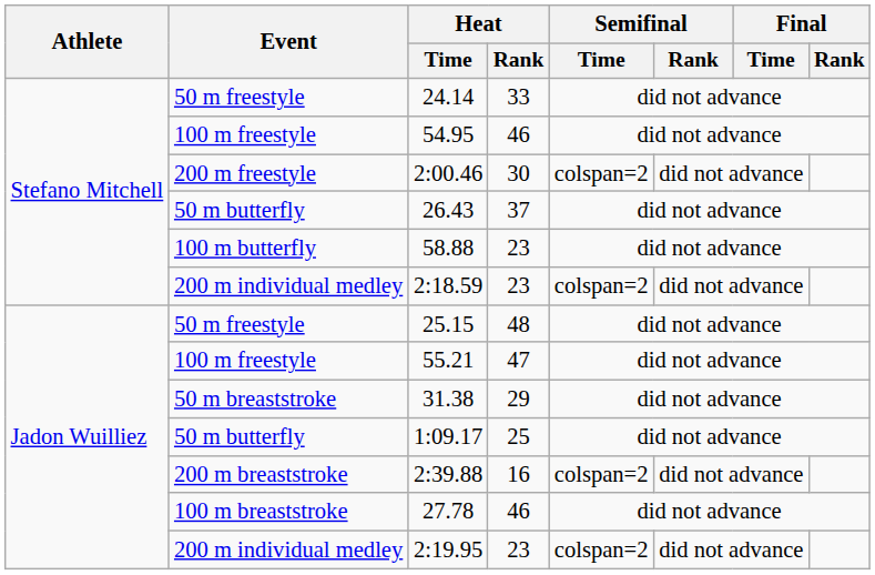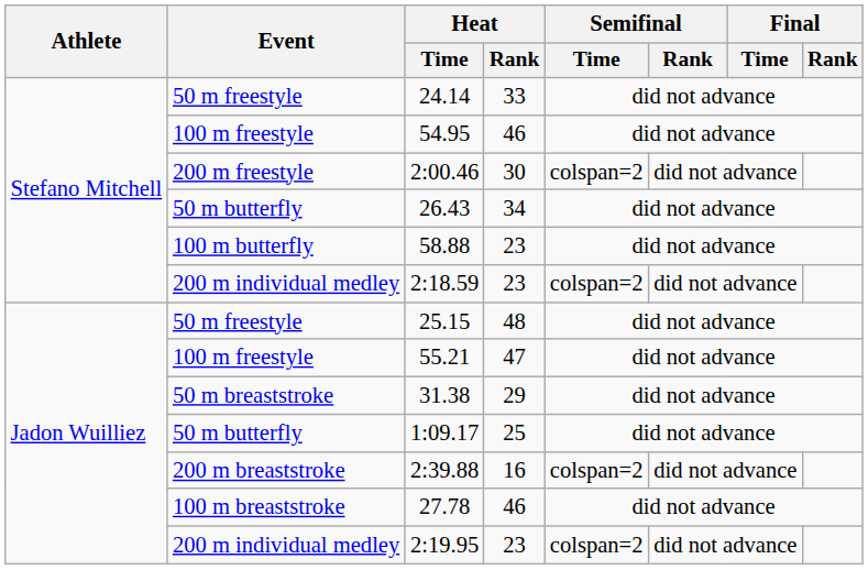 <table class=wikitable style=font-size:90%>
 <tr>
 <th rowspan=2>Athlete</th>
 <th rowspan=2>Event</th>
 <th colspan=2>Heat</th>
 <th colspan=2>Semifinal</th>
 <th colspan=2>Final</th>
 </tr>
 <tr style=font-size:95%>
 <th>Time</th>
 <th>Rank</th>
 <th>Time</th>
 <th>Rank</th>
 <th>Time</th>
 <th>Rank</th>
 </tr>
 <tr align=center>
 <td align=left rowspan=6><a href='#'>Stefano Mitchell</a></td>
 <td align=left><a href='#'>50 m freestyle</a></td>
 <td>24.14</td>
 <td>33</td>
 <td colspan=4>did not advance</td>
 </tr>
 <tr align=center>
 <td align=left><a href='#'>100 m freestyle</a></td>
 <td>54.95</td>
 <td>46</td>
 <td colspan=4>did not advance</td>
 </tr>
 <tr align=center>
 <td align=left><a href='#'>200 m freestyle</a></td>
 <td>2:00.46</td>
 <td>30</td>
 <td>colspan=2 </td>
 <td colspan=2>did not advance</td>
 </tr>
 <tr align=center>
 <td align=left><a href='#'>50 m butterfly</a></td>
 <td>26.43</td>
-<td>37</td>
+<td>34</td>
 <td colspan=4>did not advance</td>
 </tr>
 <tr align=center>
 <td align=left><a href='#'>100 m butterfly</a></td>
 <td>58.88</td>
 <td>23</td>
 <td colspan=4>did not advance</td>
 </tr>
 <tr align=center>
 <td align=left><a href='#'>200 m individual medley</a></td>
 <td>2:18.59</td>
 <td>23</td>
 <td>colspan=2 </td>
 <td colspan=2>did not advance</td>
 </tr>
 <tr align=center>
 <td align=left rowspan=7><a href='#'>Jadon Wuilliez</a></td>
 <td align=left><a href='#'>50 m freestyle</a></td>
 <td>25.15</td>
 <td>48</td>
 <td colspan=4>did not advance</td>
 </tr>
 <tr align=center>
 <td align=left><a href='#'>100 m freestyle</a></td>
 <td>55.21</td>
 <td>47</td>
 <td colspan=4>did not advance</td>
 </tr>
 <tr align=center>
 <td align=left><a href='#'>50 m breaststroke</a></td>
 <td>31.38</td>
 <td>29</td>
 <td colspan=4>did not advance</td>
 </tr>
 <tr align=center>
 <td align=left><a href='#'>50 m butterfly</a></td>
 <td>1:09.17</td>
 <td>25</td>
 <td colspan=4>did not advance</td>
 </tr>
 <tr align=center>
 <td align=left><a href='#'>200 m breaststroke</a></td>
 <td>2:39.88</td>
 <td>16</td>
 <td>colspan=2 </td>
 <td colspan=2>did not advance</td>
 </tr>
 <tr align=center>
 <td align=left><a href='#'>100 m breaststroke</a></td>
 <td>27.78</td>
 <td>46</td>
 <td colspan=4>did not advance</td>
 </tr>
 <tr align=center>
 <td align=left><a href='#'>200 m individual medley</a></td>
 <td>2:19.95</td>
 <td>23</td>
 <td>colspan=2 </td>
 <td colspan=2>did not advance</td>
 </tr>
 </table>
